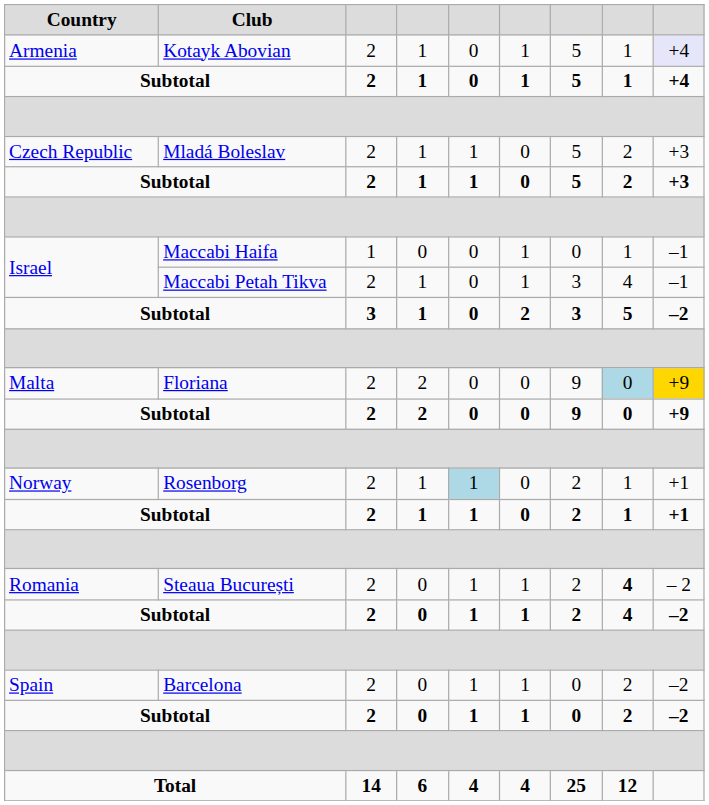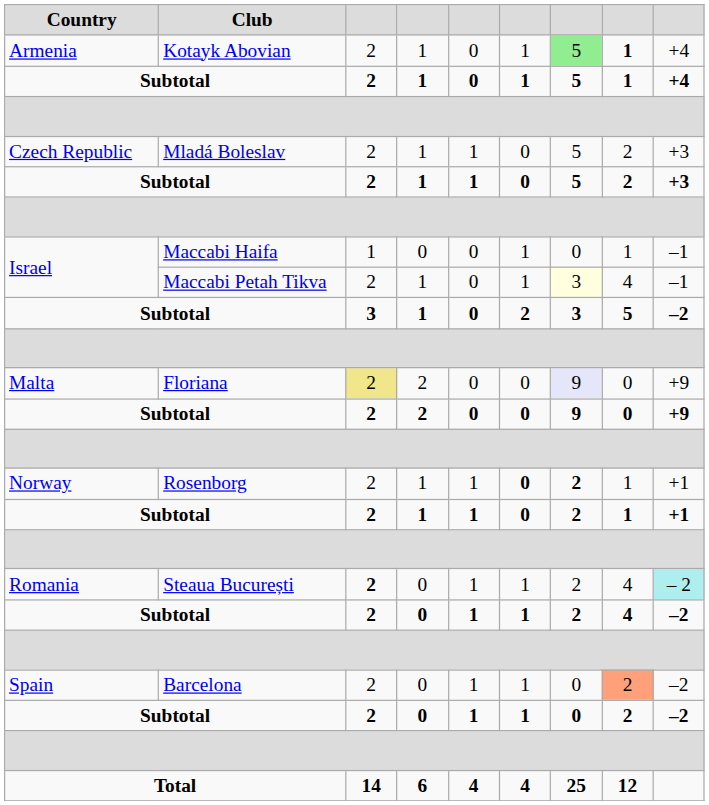 <table class="wikitable" style="text-align: center;">
 <tr>
 <th width="120" style="background:#DCDCDC">Country</th>
 <th width="147" style="background:#DCDCDC">Club</th>
 <th width="35" style="background:#DCDCDC"></th>
 <th width="35" style="background:#DCDCDC"></th>
 <th width="35" style="background:#DCDCDC"></th>
 <th width="35" style="background:#DCDCDC"></th>
 <th width="35" style="background:#DCDCDC"></th>
 <th width="35" style="background:#DCDCDC"></th>
 <th width="35" style="background:#DCDCDC"></th>
 </tr>
 <tr>
 <td align=left> <a href='#'>Armenia</a></td>
 <td align=left><a href='#'>Kotayk Abovian</a></td>
 <td>2</td>
 <td>1</td>
 <td>0</td>
 <td>1</td>
-<td>5</td>
-<td>1</td>
-<td style="background: lavender;">+4</td>
+<td style="background: lightgreen;">5</td>
+<td><strong>1</strong></td>
+<td>+4</td>
 </tr>
 <tr>
 <td colspan=2><strong>Subtotal</strong></td>
 <td><strong>2</strong></td>
 <td><strong>1</strong></td>
 <td><strong>0</strong></td>
 <td><strong>1</strong></td>
 <td><strong>5</strong></td>
 <td><strong>1</strong></td>
 <td><strong>+4</strong></td>
 </tr>
 <tr>
 <th colspan=9 height="25" style="background:#DCDCDC"></th>
 </tr>
 <tr>
 <td align=left> <a href='#'>Czech Republic</a></td>
 <td align=left><a href='#'>Mladá Boleslav</a></td>
 <td>2</td>
 <td>1</td>
 <td>1</td>
 <td>0</td>
 <td>5</td>
 <td>2</td>
 <td>+3</td>
 </tr>
 <tr>
 <td colspan=2><strong>Subtotal</strong></td>
 <td><strong>2</strong></td>
 <td><strong>1</strong></td>
 <td><strong>1</strong></td>
 <td><strong>0</strong></td>
 <td><strong>5</strong></td>
 <td><strong>2</strong></td>
 <td><strong>+3</strong></td>
 </tr>
 <tr>
 <th colspan=9 height="25" style="background:#DCDCDC"></th>
 </tr>
 <tr>
 <td rowspan=2 align=left> <a href='#'>Israel</a></td>
 <td align=left><a href='#'>Maccabi Haifa</a></td>
 <td>1</td>
 <td>0</td>
 <td>0</td>
 <td>1</td>
 <td>0</td>
 <td>1</td>
 <td>–1</td>
 </tr>
 <tr>
 <td align=left><a href='#'>Maccabi Petah Tikva</a></td>
 <td>2</td>
 <td>1</td>
 <td>0</td>
 <td>1</td>
-<td>3</td>
+<td style="background: lightyellow;">3</td>
 <td>4</td>
 <td>–1</td>
 </tr>
 <tr>
 <td colspan=2><strong>Subtotal</strong></td>
 <td><strong>3</strong></td>
 <td><strong>1</strong></td>
 <td><strong>0</strong></td>
 <td><strong>2</strong></td>
 <td><strong>3</strong></td>
 <td><strong>5</strong></td>
 <td><strong>–2</strong></td>
 </tr>
 <tr>
 <th colspan=9 height="25" style="background:#DCDCDC"></th>
 </tr>
 <tr>
 <td align=left> <a href='#'>Malta</a></td>
 <td align=left><a href='#'>Floriana</a></td>
-<td>2</td>
+<td style="background: khaki;">2</td>
 <td>2</td>
 <td>0</td>
 <td>0</td>
-<td>9</td>
-<td style="background: lightblue;">0</td>
-<td style="background: gold;">+9</td>
+<td style="background: lavender;">9</td>
+<td>0</td>
+<td>+9</td>
 </tr>
 <tr>
 <td colspan=2><strong>Subtotal</strong></td>
 <td><strong>2</strong></td>
 <td><strong>2</strong></td>
 <td><strong>0</strong></td>
 <td><strong>0</strong></td>
 <td><strong>9</strong></td>
 <td><strong>0</strong></td>
 <td><strong>+9</strong></td>
 </tr>
 <tr>
 <th colspan=9 height="25" style="background:#DCDCDC"></th>
 </tr>
 <tr>
 <td align=left> <a href='#'>Norway</a></td>
 <td align=left><a href='#'>Rosenborg</a></td>
 <td>2</td>
 <td>1</td>
-<td style="background: lightblue;">1</td>
-<td>0</td>
-<td>2</td>
+<td>1</td>
+<td><strong>0</strong></td>
+<td><strong>2</strong></td>
 <td>1</td>
 <td>+1</td>
 </tr>
 <tr>
 <td colspan=2><strong>Subtotal</strong></td>
 <td><strong>2</strong></td>
 <td><strong>1</strong></td>
 <td><strong>1</strong></td>
 <td><strong>0</strong></td>
 <td><strong>2</strong></td>
 <td><strong>1</strong></td>
 <td><strong>+1</strong></td>
 </tr>
 <tr>
 <th colspan=9 height="25" style="background:#DCDCDC"></th>
 </tr>
 <tr>
 <td align=left> <a href='#'>Romania</a></td>
 <td align=left><a href='#'>Steaua București</a></td>
-<td>2</td>
+<td><strong>2</strong></td>
 <td>0</td>
 <td>1</td>
 <td>1</td>
 <td>2</td>
-<td><strong>4</strong></td>
-<td>– 2</td>
+<td>4</td>
+<td style="background: paleturquoise;">– 2</td>
 </tr>
 <tr>
 <td colspan=2><strong>Subtotal</strong></td>
 <td><strong>2</strong></td>
 <td><strong>0</strong></td>
 <td><strong>1</strong></td>
 <td><strong>1</strong></td>
 <td><strong>2</strong></td>
 <td><strong>4</strong></td>
 <td><strong>–2</strong></td>
 </tr>
 <tr>
 <th colspan=9 height="25" style="background:#DCDCDC"></th>
 </tr>
 <tr>
 <td align=left> <a href='#'>Spain</a></td>
 <td align=left><a href='#'>Barcelona</a></td>
 <td>2</td>
 <td>0</td>
 <td>1</td>
 <td>1</td>
 <td>0</td>
-<td>2</td>
+<td style="background: lightsalmon;">2</td>
 <td>–2</td>
 </tr>
 <tr>
 <td colspan=2><strong>Subtotal</strong></td>
 <td><strong>2</strong></td>
 <td><strong>0</strong></td>
 <td><strong>1</strong></td>
 <td><strong>1</strong></td>
 <td><strong>0</strong></td>
 <td><strong>2</strong></td>
 <td><strong>–2</strong></td>
 </tr>
 <tr>
 <th colspan=9 height="25" style="background:#DCDCDC"></th>
 </tr>
 <tr>
 <td colspan=2><strong>Total</strong></td>
 <td><strong>14</strong></td>
 <td><strong>6</strong></td>
 <td><strong>4</strong></td>
 <td><strong>4</strong></td>
 <td><strong>25</strong></td>
 <td><strong>12</strong></td>
 <td><strong></strong></td>
 </tr>
 </table>
